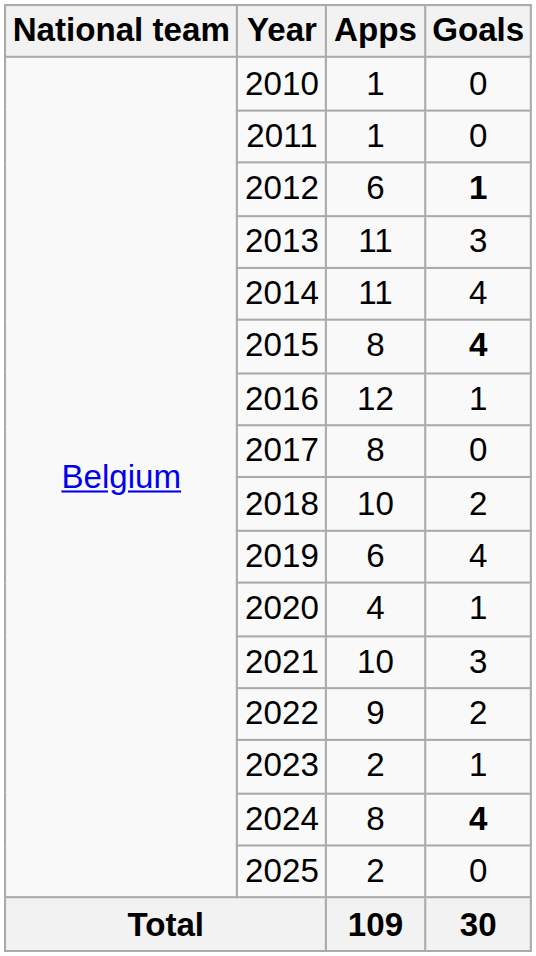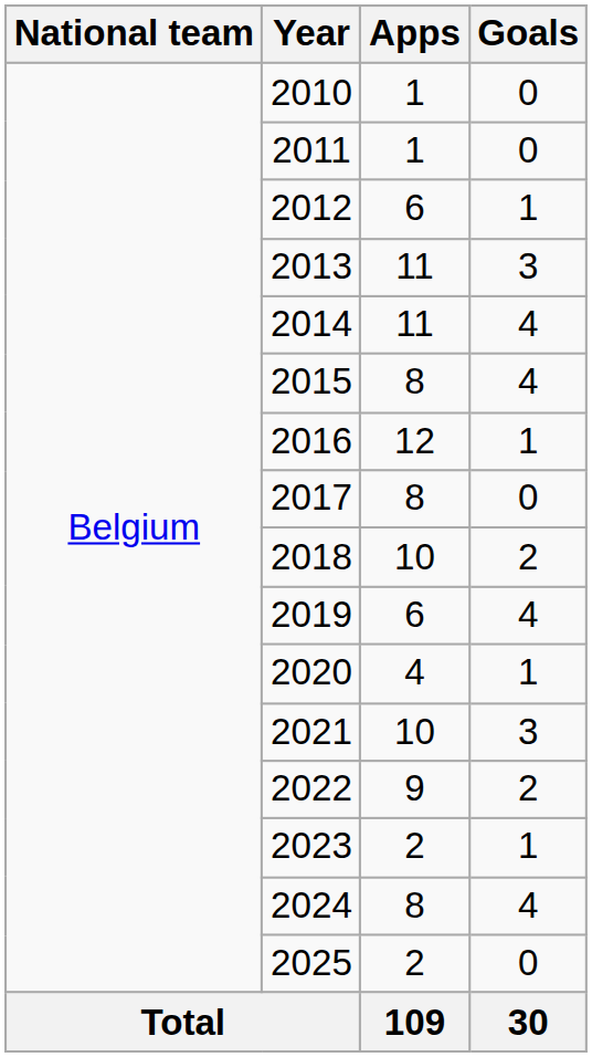 <table class="wikitable" style="text-align: center;">
 <tr>
 <th>National team</th>
 <th>Year</th>
 <th>Apps</th>
 <th>Goals</th>
 </tr>
 <tr>
 <td rowspan=16><a href='#'>Belgium</a></td>
 <td>2010</td>
 <td>1</td>
 <td>0</td>
 </tr>
 <tr>
 <td>2011</td>
 <td>1</td>
 <td>0</td>
 </tr>
 <tr>
 <td>2012</td>
 <td>6</td>
-<td><strong>1</strong></td>
+<td>1</td>
 </tr>
 <tr>
 <td>2013</td>
 <td>11</td>
 <td>3</td>
 </tr>
 <tr>
 <td>2014</td>
 <td>11</td>
 <td>4</td>
 </tr>
 <tr>
 <td>2015</td>
 <td>8</td>
-<td><strong>4</strong></td>
+<td>4</td>
 </tr>
 <tr>
 <td>2016</td>
 <td>12</td>
 <td>1</td>
 </tr>
 <tr>
 <td>2017</td>
 <td>8</td>
 <td>0</td>
 </tr>
 <tr>
 <td>2018</td>
 <td>10</td>
 <td>2</td>
 </tr>
 <tr>
 <td>2019</td>
 <td>6</td>
 <td>4</td>
 </tr>
 <tr>
 <td>2020</td>
 <td>4</td>
 <td>1</td>
 </tr>
 <tr>
 <td>2021</td>
 <td>10</td>
 <td>3</td>
 </tr>
 <tr>
 <td>2022</td>
 <td>9</td>
 <td>2</td>
 </tr>
 <tr>
 <td>2023</td>
 <td>2</td>
 <td>1</td>
 </tr>
 <tr>
 <td>2024</td>
 <td>8</td>
-<td><strong>4</strong></td>
+<td>4</td>
 </tr>
 <tr>
 <td>2025</td>
 <td>2</td>
 <td>0</td>
 </tr>
 <tr>
 <th colspan=2>Total</th>
 <th>109</th>
 <th>30</th>
 </tr>
 </table>
